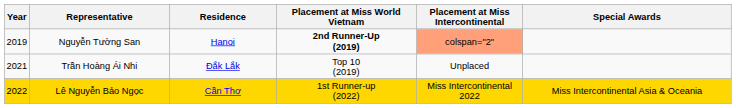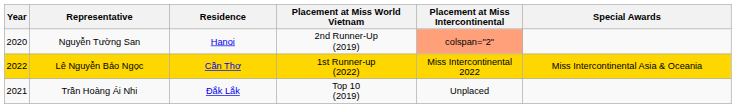 <table class="wikitable sortable" style="font-size: 85%; text-align:center">
 <tr>
 <th width="30">Year</th>
 <th width="200">Representative</th>
 <th width="150">Residence</th>
 <th width="200">Placement at Miss World Vietnam</th>
 <th width="150">Placement at Miss Intercontinental</th>
 <th width="300">Special Awards</th>
 </tr>
 <tr>
-<td>2019</td>
+<td>2020</td>
 <td>Nguyễn Tường San</td>
 <td><a href='#'>Hanoi</a></td>
-<td><strong>2nd Runner-Up<br>(2019)</strong></td>
+<td>2nd Runner-Up<br>(2019)</td>
 <td style="background: lightsalmon;">colspan="2" </td>
+</tr>
+<tr style="background-color:GOLD;">
+<td>2022</td>
+<td>Lê Nguyễn Bảo Ngọc</td>
+<td><a href='#'>Cần Thơ</a></td>
+<td>1st Runner-up<br>(2022)</td>
+<td>Miss Intercontinental 2022</td>
+<td>Miss Intercontinental Asia & Oceania</td>
 </tr>
 <tr>
 <td>2021</td>
 <td>Trần Hoàng Ái Nhi</td>
 <td><a href='#'>Đắk Lắk</a></td>
 <td>Top 10<br>(2019)</td>
 <td>Unplaced</td>
 <td></td>
 </tr>
-<tr style="background-color:GOLD;">
-<td>2022</td>
-<td>Lê Nguyễn Bảo Ngọc</td>
-<td><a href='#'>Cần Thơ</a></td>
-<td>1st Runner-up<br>(2022)</td>
-<td>Miss Intercontinental 2022</td>
-<td>Miss Intercontinental Asia & Oceania</td>
-</tr>
 </table>
